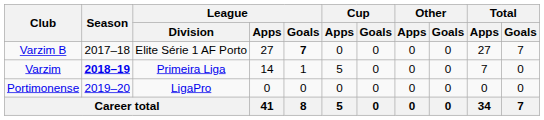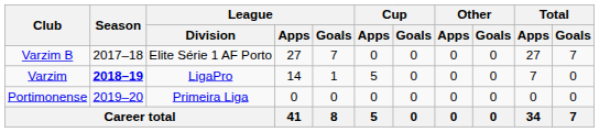 <table class="wikitable" style="text-align: center">
 <tr>
 <th rowspan="2">Club</th>
 <th rowspan="2">Season</th>
 <th colspan="3">League</th>
 <th colspan="2">Cup</th>
 <th colspan="2">Other</th>
 <th colspan="2">Total</th>
 </tr>
 <tr>
 <th>Division</th>
 <th>Apps</th>
 <th>Goals</th>
 <th>Apps</th>
 <th>Goals</th>
 <th>Apps</th>
 <th>Goals</th>
 <th>Apps</th>
 <th>Goals</th>
 </tr>
 <tr>
 <td><a href='#'>Varzim B</a></td>
 <td>2017–18</td>
 <td>Elite Série 1 AF Porto</td>
 <td>27</td>
-<td><strong>7</strong></td>
+<td>7</td>
 <td>0</td>
 <td>0</td>
 <td>0</td>
 <td>0</td>
 <td>27</td>
 <td>7</td>
 </tr>
 <tr>
 <td><a href='#'>Varzim</a></td>
 <td><strong><a href='#'>2018–19</a></strong></td>
-<td><a href='#'>Primeira Liga</a></td>
+<td><a href='#'>LigaPro</a></td>
 <td>14</td>
 <td>1</td>
 <td>5</td>
 <td>0</td>
 <td>0</td>
 <td>0</td>
 <td>7</td>
 <td>0</td>
 </tr>
 <tr>
 <td><a href='#'>Portimonense</a></td>
 <td><a href='#'>2019–20</a></td>
-<td><a href='#'>LigaPro</a></td>
+<td><a href='#'>Primeira Liga</a></td>
 <td>0</td>
 <td>0</td>
 <td>0</td>
 <td>0</td>
 <td>0</td>
 <td>0</td>
 <td>0</td>
 <td>0</td>
 </tr>
 <tr>
 <th colspan="3"><strong>Career total</strong></th>
 <th>41</th>
 <th>8</th>
 <th>5</th>
 <th>0</th>
 <th>0</th>
 <th>0</th>
 <th>34</th>
 <th>7</th>
 </tr>
 </table>
